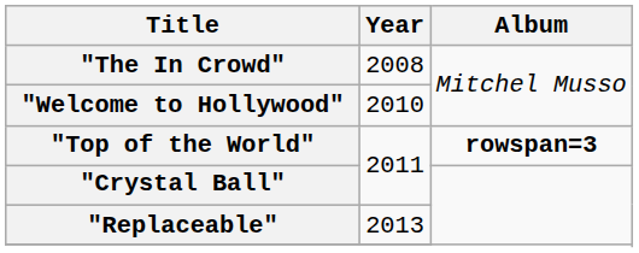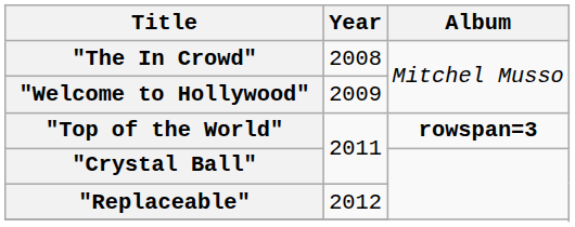 <table class="wikitable plainrowheaders" style="text-align:center;" border="1">
 <tr>
 <th scope="col" style="width:14em;">Title</th>
 <th scope="col">Year</th>
 <th scope="col">Album</th>
 </tr>
 <tr>
 <th scope="row">"The In Crowd"</th>
 <td>2008</td>
 <td rowspan="2"><em>Mitchel Musso</em></td>
 </tr>
 <tr>
 <th scope="row">"Welcome to Hollywood"</th>
-<td>2010</td>
+<td>2009</td>
 </tr>
 <tr>
 <th scope="row">"Top of the World"<br></th>
 <td rowspan="2">2011</td>
 <td><strong>rowspan=3 </strong></td>
 </tr>
 <tr>
 <th scope="row">"Crystal Ball"</th>
 </tr>
 <tr>
 <th scope="row">"Replaceable"</th>
-<td>2013</td>
+<td>2012</td>
 </tr>
 <tr>
 </tr>
 </table>
